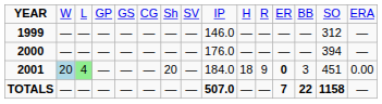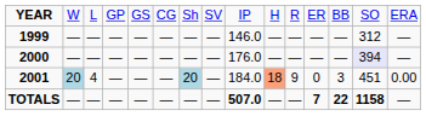 <table class="wikitable">
 <tr align=center>
 <td><strong>YEAR</strong></td>
 <td><a href='#'>W</a></td>
 <td><a href='#'>L</a></td>
 <td><a href='#'>GP</a></td>
 <td><a href='#'>GS</a></td>
 <td><a href='#'>CG</a></td>
 <td><a href='#'>Sh</a></td>
 <td><a href='#'>SV</a></td>
 <td><a href='#'>IP</a></td>
 <td><a href='#'>H</a></td>
 <td><a href='#'>R</a></td>
 <td><a href='#'>ER</a></td>
 <td><a href='#'>BB</a></td>
 <td><a href='#'>SO</a></td>
 <td><a href='#'>ERA</a></td>
 </tr>
 <tr align=center>
 <td><strong>1999</strong></td>
 <td>—</td>
 <td>—</td>
 <td>—</td>
 <td>—</td>
 <td>—</td>
 <td>—</td>
 <td>—</td>
 <td>146.0</td>
 <td>—</td>
 <td>—</td>
 <td>—</td>
 <td>—</td>
 <td>312</td>
 <td>—</td>
 </tr>
 <tr align=center>
 <td><strong>2000</strong></td>
 <td>—</td>
 <td>—</td>
 <td>—</td>
 <td>—</td>
 <td>—</td>
 <td>—</td>
 <td>—</td>
 <td>176.0</td>
 <td>—</td>
 <td>—</td>
 <td>—</td>
 <td>—</td>
-<td>394</td>
+<td style="background: lavender;">394</td>
 <td>—</td>
 </tr>
 <tr align=center>
 <td><strong>2001</strong></td>
 <td style="background: lightblue;">20</td>
-<td style="background: lightgreen;">4</td>
+<td>4</td>
 <td>—</td>
 <td>—</td>
 <td>—</td>
-<td>20</td>
+<td style="background: lightblue;">20</td>
 <td>—</td>
 <td>184.0</td>
-<td>18</td>
+<td style="background: lightsalmon;">18</td>
 <td>9</td>
-<td><strong>0</strong></td>
+<td>0</td>
 <td>3</td>
 <td>451</td>
 <td>0.00</td>
 </tr>
 <tr align=center>
 <td><strong>TOTALS</strong></td>
 <td>—</td>
 <td>—</td>
 <td>—</td>
 <td>—</td>
 <td>—</td>
 <td>—</td>
 <td>—</td>
 <td><strong>507.0</strong></td>
 <td>—</td>
 <td>—</td>
 <td><strong>7</strong></td>
 <td><strong>22</strong></td>
 <td><strong>1158</strong></td>
 <td>—</td>
 </tr>
 </table>
